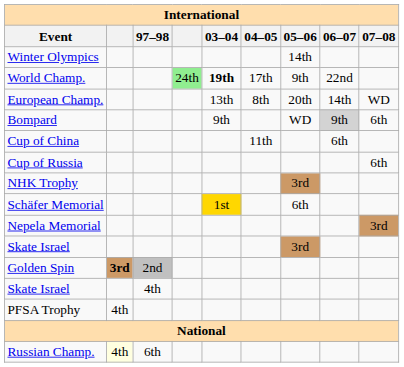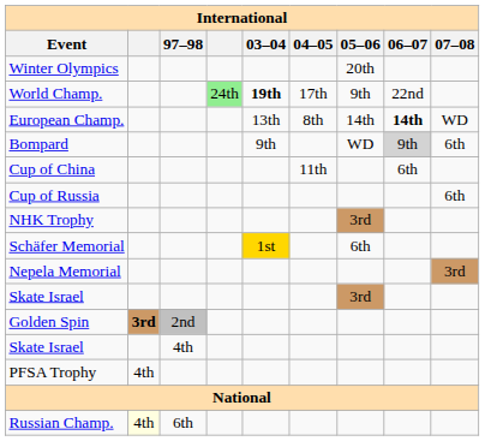 <table class="wikitable" style="text-align:center">
 <tr>
 <th style="background-color: #ffdead; " colspan=9 align=center>International</th>
 </tr>
 <tr>
 <th>Event</th>
 <th> <br></th>
 <th>97–98 <br></th>
 <th> <br></th>
 <th>03–04 <br></th>
 <th>04–05 <br></th>
 <th>05–06 <br></th>
 <th>06–07 <br></th>
 <th>07–08 <br></th>
 </tr>
 <tr>
 <td align=left><a href='#'>Winter Olympics</a></td>
 <td></td>
 <td></td>
 <td></td>
 <td></td>
 <td></td>
-<td>14th</td>
+<td>20th</td>
 <td></td>
 <td></td>
 </tr>
 <tr>
 <td align=left><a href='#'>World Champ.</a></td>
 <td></td>
 <td></td>
 <td style="background: lightgreen;">24th</td>
 <td><strong>19th</strong></td>
 <td>17th</td>
 <td>9th</td>
 <td>22nd</td>
 <td></td>
 </tr>
 <tr>
 <td align=left><a href='#'>European Champ.</a></td>
 <td></td>
 <td></td>
 <td></td>
 <td>13th</td>
 <td>8th</td>
-<td>20th</td>
 <td>14th</td>
+<td><strong>14th</strong></td>
 <td>WD</td>
 </tr>
 <tr>
 <td align=left> <a href='#'>Bompard</a></td>
 <td></td>
 <td></td>
 <td></td>
 <td>9th</td>
 <td></td>
 <td>WD</td>
 <td style="background: lightgrey;">9th</td>
 <td>6th</td>
 </tr>
 <tr>
 <td align=left> <a href='#'>Cup of China</a></td>
 <td></td>
 <td></td>
 <td></td>
 <td></td>
 <td>11th</td>
 <td></td>
 <td>6th</td>
 <td></td>
 </tr>
 <tr>
 <td align=left> <a href='#'>Cup of Russia</a></td>
 <td></td>
 <td></td>
 <td></td>
 <td></td>
 <td></td>
 <td></td>
 <td></td>
 <td>6th</td>
 </tr>
 <tr>
 <td align=left> <a href='#'>NHK Trophy</a></td>
 <td></td>
 <td></td>
 <td></td>
 <td></td>
 <td></td>
 <td bgcolor=cc9966>3rd</td>
 <td></td>
 <td></td>
 </tr>
 <tr>
 <td align=left><a href='#'>Schäfer Memorial</a></td>
 <td></td>
 <td></td>
 <td></td>
 <td bgcolor=gold>1st</td>
 <td></td>
 <td>6th</td>
 <td></td>
 <td></td>
 </tr>
 <tr>
 <td align=left><a href='#'>Nepela Memorial</a></td>
 <td></td>
 <td></td>
 <td></td>
 <td></td>
 <td></td>
 <td></td>
 <td></td>
 <td bgcolor=cc9966>3rd</td>
 </tr>
 <tr>
 <td align=left><a href='#'>Skate Israel</a></td>
 <td></td>
 <td></td>
 <td></td>
 <td></td>
 <td></td>
 <td bgcolor=cc9966>3rd</td>
 <td></td>
 <td></td>
 </tr>
 <tr>
 <td align=left><a href='#'>Golden Spin</a></td>
 <td bgcolor=cc9966><strong>3rd</strong></td>
 <td bgcolor=silver>2nd</td>
 <td></td>
 <td></td>
 <td></td>
 <td></td>
 <td></td>
 <td></td>
 </tr>
 <tr>
 <td align=left><a href='#'>Skate Israel</a></td>
 <td></td>
 <td>4th</td>
 <td></td>
 <td></td>
 <td></td>
 <td></td>
 <td></td>
 <td></td>
 </tr>
 <tr>
 <td align=left>PFSA Trophy</td>
 <td>4th</td>
 <td></td>
 <td></td>
 <td></td>
 <td></td>
 <td></td>
 <td></td>
 <td></td>
 </tr>
 <tr>
 <th style="background-color: #ffdead; " colspan=9 align=center>National</th>
 </tr>
 <tr>
 <td align=left><a href='#'>Russian Champ.</a></td>
 <td style="background: lightyellow;">4th</td>
 <td>6th</td>
 <td></td>
 <td></td>
 <td></td>
 <td></td>
 <td></td>
 <td></td>
 </tr>
 </table>
